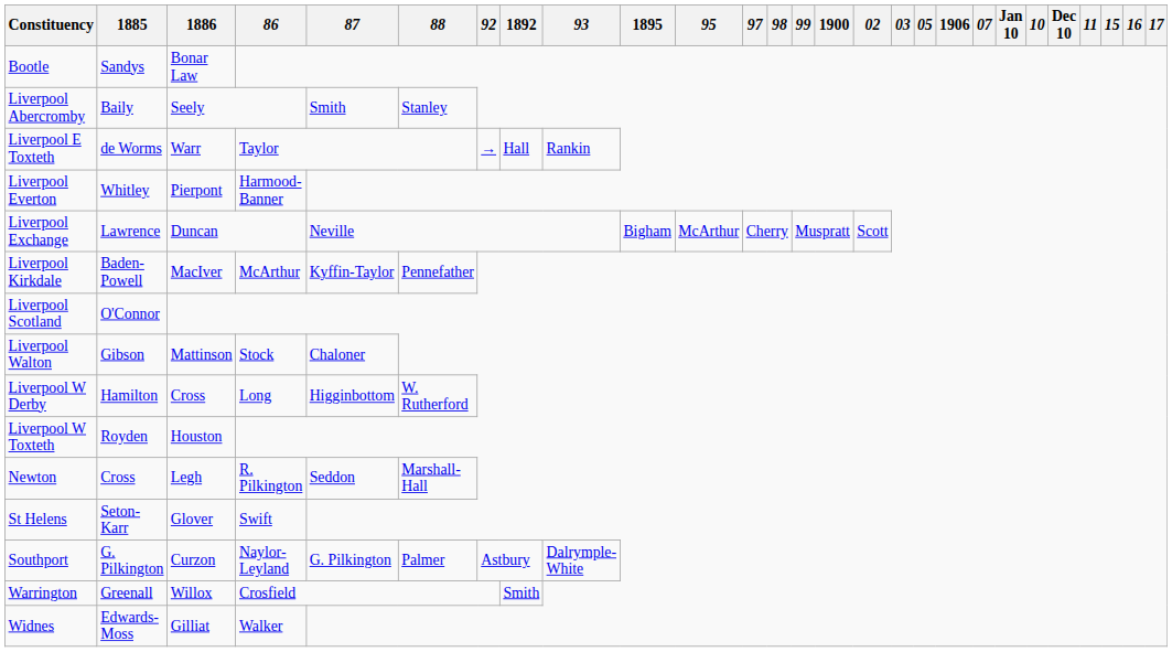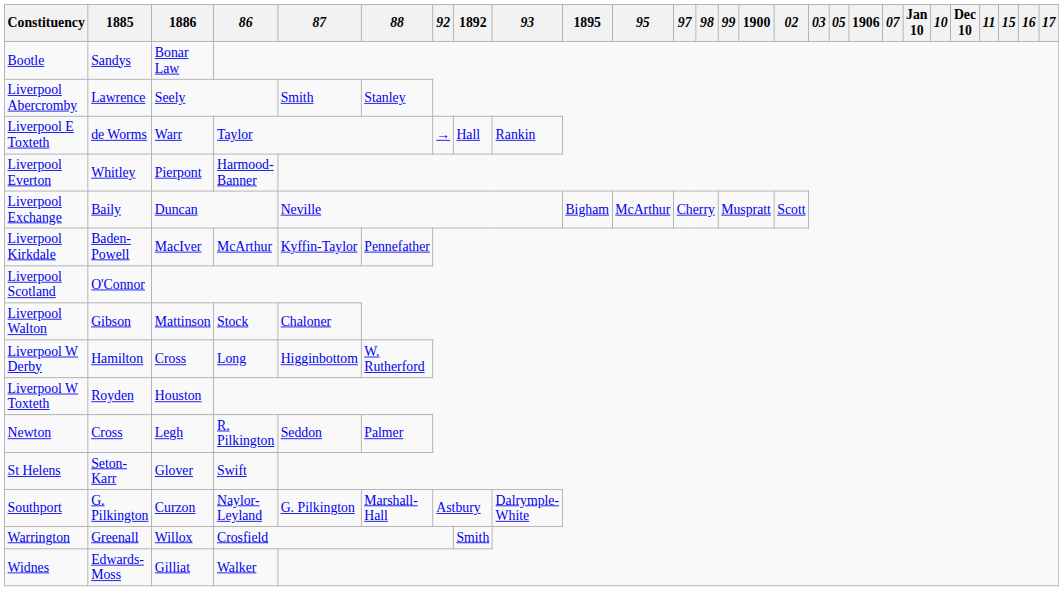 <table class="wikitable">
 <tr>
 <th>Constituency</th>
 <th>1885</th>
 <th>1886</th>
 <th><em>86</em></th>
 <th><em>87</em></th>
 <th><em>88</em></th>
 <th><em>92</em></th>
 <th>1892</th>
 <th><em>93</em></th>
 <th>1895</th>
 <th><em>95</em></th>
 <th><em>97</em></th>
 <th><em>98</em></th>
 <th><em>99</em></th>
 <th>1900</th>
 <th><em>02</em></th>
 <th><em>03</em></th>
 <th><em>05</em></th>
 <th>1906</th>
 <th><em>07</em></th>
 <th>Jan 10</th>
 <th><em>10</em></th>
 <th>Dec 10</th>
 <th><em>11</em></th>
 <th><em>15</em></th>
 <th><em>16</em></th>
 <th><em>17</em></th>
 </tr>
 <tr>
 <td><a href='#'>Bootle</a></td>
 <td><a href='#'>Sandys</a></td>
 <td><a href='#'>Bonar Law</a></td>
 </tr>
 <tr>
 <td><a href='#'>Liverpool Abercromby</a></td>
-<td><a href='#'>Baily</a></td>
+<td><a href='#'>Lawrence</a></td>
 <td colspan="2"><a href='#'>Seely</a></td>
 <td><a href='#'>Smith</a></td>
 <td><a href='#'>Stanley</a></td>
 </tr>
 <tr>
 <td><a href='#'>Liverpool E Toxteth</a></td>
 <td><a href='#'>de Worms</a></td>
 <td><a href='#'>Warr</a></td>
 <td colspan="3"><a href='#'>Taylor</a></td>
 <td><a href='#'>→</a></td>
 <td><a href='#'>Hall</a></td>
 <td><a href='#'>Rankin</a></td>
 </tr>
 <tr>
 <td><a href='#'>Liverpool Everton</a></td>
 <td><a href='#'>Whitley</a></td>
 <td><a href='#'>Pierpont</a></td>
 <td><a href='#'>Harmood-Banner</a></td>
 </tr>
 <tr>
 <td><a href='#'>Liverpool Exchange</a></td>
-<td><a href='#'>Lawrence</a></td>
+<td><a href='#'>Baily</a></td>
 <td colspan="2"><a href='#'>Duncan</a></td>
 <td colspan="5"><a href='#'>Neville</a></td>
 <td><a href='#'>Bigham</a></td>
 <td><a href='#'>McArthur</a></td>
 <td colspan="2"><a href='#'>Cherry</a></td>
 <td colspan="2"><a href='#'>Muspratt</a></td>
 <td><a href='#'>Scott</a></td>
 </tr>
 <tr>
 <td><a href='#'>Liverpool Kirkdale</a></td>
 <td><a href='#'>Baden-Powell</a></td>
 <td><a href='#'>MacIver</a></td>
 <td><a href='#'>McArthur</a></td>
 <td><a href='#'>Kyffin-Taylor</a></td>
 <td><a href='#'>Pennefather</a></td>
 </tr>
 <tr>
 <td><a href='#'>Liverpool Scotland</a></td>
 <td><a href='#'>O'Connor</a></td>
 </tr>
 <tr>
 <td><a href='#'>Liverpool Walton</a></td>
 <td><a href='#'>Gibson</a></td>
 <td><a href='#'>Mattinson</a></td>
 <td><a href='#'>Stock</a></td>
 <td><a href='#'>Chaloner</a></td>
 </tr>
 <tr>
 <td><a href='#'>Liverpool W Derby</a></td>
 <td><a href='#'>Hamilton</a></td>
 <td><a href='#'>Cross</a></td>
 <td><a href='#'>Long</a></td>
 <td><a href='#'>Higginbottom</a></td>
 <td><a href='#'>W. Rutherford</a></td>
 </tr>
 <tr>
 <td><a href='#'>Liverpool W Toxteth</a></td>
 <td><a href='#'>Royden</a></td>
 <td><a href='#'>Houston</a></td>
 </tr>
 <tr>
 <td><a href='#'>Newton</a></td>
 <td><a href='#'>Cross</a></td>
 <td><a href='#'>Legh</a></td>
 <td><a href='#'>R. Pilkington</a></td>
 <td><a href='#'>Seddon</a></td>
-<td><a href='#'>Marshall-Hall</a></td>
+<td><a href='#'>Palmer</a></td>
 </tr>
 <tr>
 <td><a href='#'>St Helens</a></td>
 <td><a href='#'>Seton-Karr</a></td>
 <td><a href='#'>Glover</a></td>
 <td><a href='#'>Swift</a></td>
 </tr>
 <tr>
 <td><a href='#'>Southport</a></td>
 <td><a href='#'>G. Pilkington</a></td>
 <td><a href='#'>Curzon</a></td>
 <td><a href='#'>Naylor-Leyland</a></td>
 <td><a href='#'>G. Pilkington</a></td>
-<td><a href='#'>Palmer</a></td>
+<td><a href='#'>Marshall-Hall</a></td>
 <td colspan="2"><a href='#'>Astbury</a></td>
 <td><a href='#'>Dalrymple-White</a></td>
 </tr>
 <tr>
 <td><a href='#'>Warrington</a></td>
 <td><a href='#'>Greenall</a></td>
 <td><a href='#'>Willox</a></td>
 <td colspan="4"><a href='#'>Crosfield</a></td>
 <td><a href='#'>Smith</a></td>
 </tr>
 <tr>
 <td><a href='#'>Widnes</a></td>
 <td><a href='#'>Edwards-Moss</a></td>
 <td><a href='#'>Gilliat</a></td>
 <td><a href='#'>Walker</a></td>
 </tr>
 </table>
